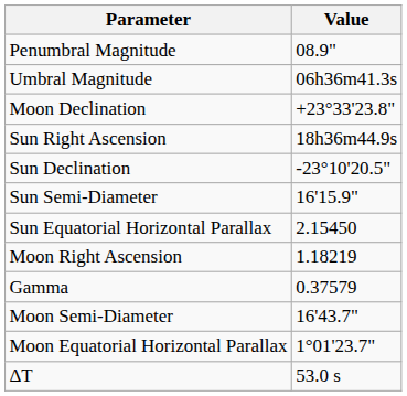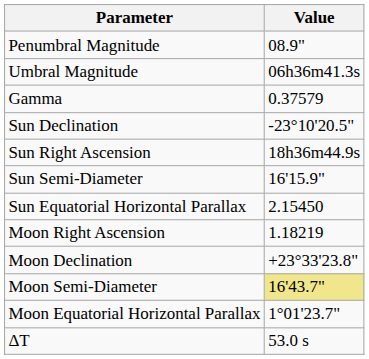 <table class="wikitable">
 <tr>
 <th>Parameter</th>
 <th>Value</th>
 </tr>
 <tr>
 <td>Penumbral Magnitude</td>
 <td>08.9"</td>
 </tr>
 <tr>
 <td>Umbral Magnitude</td>
 <td>06h36m41.3s</td>
 </tr>
 <tr>
-<td>Moon Declination</td>
-<td>+23°33'23.8"</td>
+<td>Gamma</td>
+<td>0.37579</td>
+</tr>
+<tr>
+<td>Sun Declination</td>
+<td>-23°10'20.5"</td>
 </tr>
 <tr>
 <td>Sun Right Ascension</td>
 <td>18h36m44.9s</td>
-</tr>
-<tr>
-<td>Sun Declination</td>
-<td>-23°10'20.5"</td>
 </tr>
 <tr>
 <td>Sun Semi-Diameter</td>
 <td>16'15.9"</td>
 </tr>
 <tr>
 <td>Sun Equatorial Horizontal Parallax</td>
 <td>2.15450</td>
 </tr>
 <tr>
 <td>Moon Right Ascension</td>
 <td>1.18219</td>
 </tr>
 <tr>
-<td>Gamma</td>
-<td>0.37579</td>
+<td>Moon Declination</td>
+<td>+23°33'23.8"</td>
 </tr>
 <tr>
 <td>Moon Semi-Diameter</td>
-<td>16'43.7"</td>
+<td style="background: khaki;">16'43.7"</td>
 </tr>
 <tr>
 <td>Moon Equatorial Horizontal Parallax</td>
 <td>1°01'23.7"</td>
 </tr>
 <tr>
 <td>ΔT</td>
 <td>53.0 s</td>
 </tr>
 </table>
